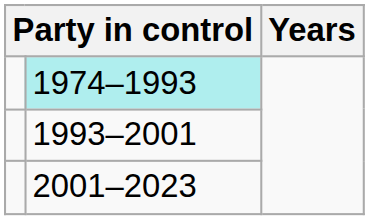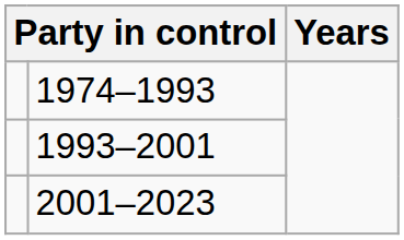 <table class="wikitable">
 <tr>
 <th colspan="2">Party in control</th>
 <th>Years</th>
 </tr>
 <tr>
 <td></td>
-<td style="background: paleturquoise;">1974–1993</td>
+<td>1974–1993</td>
 </tr>
 <tr>
 <td></td>
 <td>1993–2001</td>
 </tr>
 <tr>
 <td></td>
 <td>2001–2023</td>
 </tr>
 </table>
